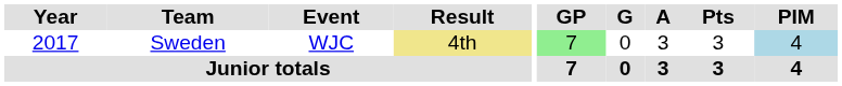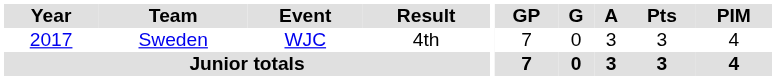 <table border="0" cellpadding="1" cellspacing="0" ID="Table3" style="text-align:center; width:40em">
 <tr ALIGN="center" bgcolor="#e0e0e0">
 <th>Year</th>
 <th>Team</th>
 <th>Event</th>
 <th>Result</th>
 <th rowspan="99" bgcolor="#ffffff"></th>
 <th>GP</th>
 <th>G</th>
 <th>A</th>
 <th>Pts</th>
 <th>PIM</th>
 </tr>
 <tr>
 <td><a href='#'>2017</a></td>
 <td><a href='#'>Sweden</a></td>
 <td><a href='#'>WJC</a></td>
-<td style="background: khaki;">4th</td>
-<td style="background: lightgreen;">7</td>
+<td>4th</td>
+<td>7</td>
 <td>0</td>
 <td>3</td>
 <td>3</td>
-<td style="background: lightblue;">4</td>
+<td>4</td>
 </tr>
 <tr bgcolor="#e0e0e0">
 <th colspan="4">Junior totals</th>
 <th>7</th>
 <th>0</th>
 <th>3</th>
 <th>3</th>
 <th>4</th>
 </tr>
 </table>
